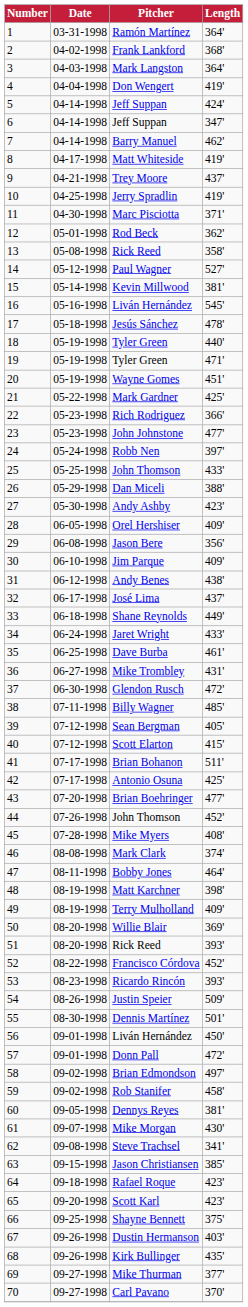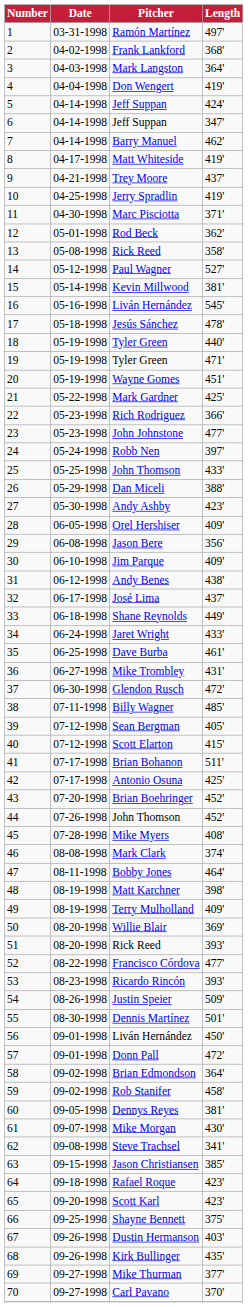 <table class="wikitable sortable">
 <tr>
 <th style="background:#c41e3a;color:white;">Number</th>
 <th style="background:#c41e3a;color:white;">Date</th>
 <th style="background:#c41e3a;color:white;">Pitcher</th>
 <th style="background:#c41e3a;color:white;">Length</th>
 </tr>
 <tr>
 <td>1</td>
 <td>03-31-1998</td>
 <td><a href='#'>Ramón Martínez</a></td>
-<td>364'</td>
+<td>497'</td>
 </tr>
 <tr>
 <td>2</td>
 <td>04-02-1998</td>
 <td><a href='#'>Frank Lankford</a></td>
 <td>368'</td>
 </tr>
 <tr>
 <td>3</td>
 <td>04-03-1998</td>
 <td><a href='#'>Mark Langston</a></td>
 <td>364'</td>
 </tr>
 <tr>
 <td>4</td>
 <td>04-04-1998</td>
 <td><a href='#'>Don Wengert</a></td>
 <td>419'</td>
 </tr>
 <tr>
 <td>5</td>
 <td>04-14-1998</td>
 <td><a href='#'>Jeff Suppan</a></td>
 <td>424'</td>
 </tr>
 <tr>
 <td>6</td>
 <td>04-14-1998</td>
 <td>Jeff Suppan</td>
 <td>347'</td>
 </tr>
 <tr>
 <td>7</td>
 <td>04-14-1998</td>
 <td><a href='#'>Barry Manuel</a></td>
 <td>462'</td>
 </tr>
 <tr>
 <td>8</td>
 <td>04-17-1998</td>
 <td><a href='#'>Matt Whiteside</a></td>
 <td>419'</td>
 </tr>
 <tr>
 <td>9</td>
 <td>04-21-1998</td>
 <td><a href='#'>Trey Moore</a></td>
 <td>437'</td>
 </tr>
 <tr>
 <td>10</td>
 <td>04-25-1998</td>
 <td><a href='#'>Jerry Spradlin</a></td>
 <td>419'</td>
 </tr>
 <tr>
 <td>11</td>
 <td>04-30-1998</td>
 <td><a href='#'>Marc Pisciotta</a></td>
 <td>371'</td>
 </tr>
 <tr>
 <td>12</td>
 <td>05-01-1998</td>
 <td><a href='#'>Rod Beck</a></td>
 <td>362'</td>
 </tr>
 <tr>
 <td>13</td>
 <td>05-08-1998</td>
 <td><a href='#'>Rick Reed</a></td>
 <td>358'</td>
 </tr>
 <tr>
 <td>14</td>
 <td>05-12-1998</td>
 <td><a href='#'>Paul Wagner</a></td>
 <td>527'</td>
 </tr>
 <tr>
 <td>15</td>
 <td>05-14-1998</td>
 <td><a href='#'>Kevin Millwood</a></td>
 <td>381'</td>
 </tr>
 <tr>
 <td>16</td>
 <td>05-16-1998</td>
 <td><a href='#'>Liván Hernández</a></td>
 <td>545'</td>
 </tr>
 <tr>
 <td>17</td>
 <td>05-18-1998</td>
 <td><a href='#'>Jesús Sánchez</a></td>
 <td>478'</td>
 </tr>
 <tr>
 <td>18</td>
 <td>05-19-1998</td>
 <td><a href='#'>Tyler Green</a></td>
 <td>440'</td>
 </tr>
 <tr>
 <td>19</td>
 <td>05-19-1998</td>
 <td>Tyler Green</td>
 <td>471'</td>
 </tr>
 <tr>
 <td>20</td>
 <td>05-19-1998</td>
 <td><a href='#'>Wayne Gomes</a></td>
 <td>451'</td>
 </tr>
 <tr>
 <td>21</td>
 <td>05-22-1998</td>
 <td><a href='#'>Mark Gardner</a></td>
 <td>425'</td>
 </tr>
 <tr>
 <td>22</td>
 <td>05-23-1998</td>
 <td><a href='#'>Rich Rodriguez</a></td>
 <td>366'</td>
 </tr>
 <tr>
 <td>23</td>
 <td>05-23-1998</td>
 <td><a href='#'>John Johnstone</a></td>
 <td>477'</td>
 </tr>
 <tr>
 <td>24</td>
 <td>05-24-1998</td>
 <td><a href='#'>Robb Nen</a></td>
 <td>397'</td>
 </tr>
 <tr>
 <td>25</td>
 <td>05-25-1998</td>
 <td><a href='#'>John Thomson</a></td>
 <td>433'</td>
 </tr>
 <tr>
 <td>26</td>
 <td>05-29-1998</td>
 <td><a href='#'>Dan Miceli</a></td>
 <td>388'</td>
 </tr>
 <tr>
 <td>27</td>
 <td>05-30-1998</td>
 <td><a href='#'>Andy Ashby</a></td>
 <td>423'</td>
 </tr>
 <tr>
 <td>28</td>
 <td>06-05-1998</td>
 <td><a href='#'>Orel Hershiser</a></td>
 <td>409'</td>
 </tr>
 <tr>
 <td>29</td>
 <td>06-08-1998</td>
 <td><a href='#'>Jason Bere</a></td>
 <td>356'</td>
 </tr>
 <tr>
 <td>30</td>
 <td>06-10-1998</td>
 <td><a href='#'>Jim Parque</a></td>
 <td>409'</td>
 </tr>
 <tr>
 <td>31</td>
 <td>06-12-1998</td>
 <td><a href='#'>Andy Benes</a></td>
 <td>438'</td>
 </tr>
 <tr>
 <td>32</td>
 <td>06-17-1998</td>
 <td><a href='#'>José Lima</a></td>
 <td>437'</td>
 </tr>
 <tr>
 <td>33</td>
 <td>06-18-1998</td>
 <td><a href='#'>Shane Reynolds</a></td>
 <td>449'</td>
 </tr>
 <tr>
 <td>34</td>
 <td>06-24-1998</td>
 <td><a href='#'>Jaret Wright</a></td>
 <td>433'</td>
 </tr>
 <tr>
 <td>35</td>
 <td>06-25-1998</td>
 <td><a href='#'>Dave Burba</a></td>
 <td>461'</td>
 </tr>
 <tr>
 <td>36</td>
 <td>06-27-1998</td>
 <td><a href='#'>Mike Trombley</a></td>
 <td>431'</td>
 </tr>
 <tr>
 <td>37</td>
 <td>06-30-1998</td>
 <td><a href='#'>Glendon Rusch</a></td>
 <td>472'</td>
 </tr>
 <tr>
 <td>38</td>
 <td>07-11-1998</td>
 <td><a href='#'>Billy Wagner</a></td>
 <td>485'</td>
 </tr>
 <tr>
 <td>39</td>
 <td>07-12-1998</td>
 <td><a href='#'>Sean Bergman</a></td>
 <td>405'</td>
 </tr>
 <tr>
 <td>40</td>
 <td>07-12-1998</td>
 <td><a href='#'>Scott Elarton</a></td>
 <td>415'</td>
 </tr>
 <tr>
 <td>41</td>
 <td>07-17-1998</td>
 <td><a href='#'>Brian Bohanon</a></td>
 <td>511'</td>
 </tr>
 <tr>
 <td>42</td>
 <td>07-17-1998</td>
 <td><a href='#'>Antonio Osuna</a></td>
 <td>425'</td>
 </tr>
 <tr>
 <td>43</td>
 <td>07-20-1998</td>
 <td><a href='#'>Brian Boehringer</a></td>
-<td>477'</td>
+<td>452'</td>
 </tr>
 <tr>
 <td>44</td>
 <td>07-26-1998</td>
 <td>John Thomson</td>
 <td>452'</td>
 </tr>
 <tr>
 <td>45</td>
 <td>07-28-1998</td>
 <td><a href='#'>Mike Myers</a></td>
 <td>408'</td>
 </tr>
 <tr>
 <td>46</td>
 <td>08-08-1998</td>
 <td><a href='#'>Mark Clark</a></td>
 <td>374'</td>
 </tr>
 <tr>
 <td>47</td>
 <td>08-11-1998</td>
 <td><a href='#'>Bobby Jones</a></td>
 <td>464'</td>
 </tr>
 <tr>
 <td>48</td>
 <td>08-19-1998</td>
 <td><a href='#'>Matt Karchner</a></td>
 <td>398'</td>
 </tr>
 <tr>
 <td>49</td>
 <td>08-19-1998</td>
 <td><a href='#'>Terry Mulholland</a></td>
 <td>409'</td>
 </tr>
 <tr>
 <td>50</td>
 <td>08-20-1998</td>
 <td><a href='#'>Willie Blair</a></td>
 <td>369'</td>
 </tr>
 <tr>
 <td>51</td>
 <td>08-20-1998</td>
 <td>Rick Reed</td>
 <td>393'</td>
 </tr>
 <tr>
 <td>52</td>
 <td>08-22-1998</td>
 <td><a href='#'>Francisco Córdova</a></td>
-<td>452'</td>
+<td>477'</td>
 </tr>
 <tr>
 <td>53</td>
 <td>08-23-1998</td>
 <td><a href='#'>Ricardo Rincón</a></td>
 <td>393'</td>
 </tr>
 <tr>
 <td>54</td>
 <td>08-26-1998</td>
 <td><a href='#'>Justin Speier</a></td>
 <td>509'</td>
 </tr>
 <tr>
 <td>55</td>
 <td>08-30-1998</td>
 <td><a href='#'>Dennis Martínez</a></td>
 <td>501'</td>
 </tr>
 <tr>
 <td>56</td>
 <td>09-01-1998</td>
 <td>Liván Hernández</td>
 <td>450'</td>
 </tr>
 <tr>
 <td>57</td>
 <td>09-01-1998</td>
 <td><a href='#'>Donn Pall</a></td>
 <td>472'</td>
 </tr>
 <tr>
 <td>58</td>
 <td>09-02-1998</td>
 <td><a href='#'>Brian Edmondson</a></td>
-<td>497'</td>
+<td>364'</td>
 </tr>
 <tr>
 <td>59</td>
 <td>09-02-1998</td>
 <td><a href='#'>Rob Stanifer</a></td>
 <td>458'</td>
 </tr>
 <tr>
 <td>60</td>
 <td>09-05-1998</td>
 <td><a href='#'>Dennys Reyes</a></td>
 <td>381'</td>
 </tr>
 <tr>
 <td>61</td>
 <td>09-07-1998</td>
 <td><a href='#'>Mike Morgan</a></td>
 <td>430'</td>
 </tr>
 <tr>
 <td>62</td>
 <td>09-08-1998</td>
 <td><a href='#'>Steve Trachsel</a></td>
 <td>341'</td>
 </tr>
 <tr>
 <td>63</td>
 <td>09-15-1998</td>
 <td><a href='#'>Jason Christiansen</a></td>
 <td>385'</td>
 </tr>
 <tr>
 <td>64</td>
 <td>09-18-1998</td>
 <td><a href='#'>Rafael Roque</a></td>
 <td>423'</td>
 </tr>
 <tr>
 <td>65</td>
 <td>09-20-1998</td>
 <td><a href='#'>Scott Karl</a></td>
 <td>423'</td>
 </tr>
 <tr>
 <td>66</td>
 <td>09-25-1998</td>
 <td><a href='#'>Shayne Bennett</a></td>
 <td>375'</td>
 </tr>
 <tr>
 <td>67</td>
 <td>09-26-1998</td>
 <td><a href='#'>Dustin Hermanson</a></td>
 <td>403'</td>
 </tr>
 <tr>
 <td>68</td>
 <td>09-26-1998</td>
 <td><a href='#'>Kirk Bullinger</a></td>
 <td>435'</td>
 </tr>
 <tr>
 <td>69</td>
 <td>09-27-1998</td>
 <td><a href='#'>Mike Thurman</a></td>
 <td>377'</td>
 </tr>
 <tr>
 <td>70</td>
 <td>09-27-1998</td>
 <td><a href='#'>Carl Pavano</a></td>
 <td>370'</td>
 </tr>
 <tr>
 </tr>
 </table>
